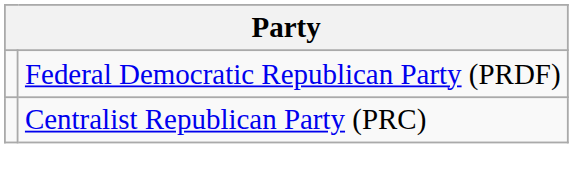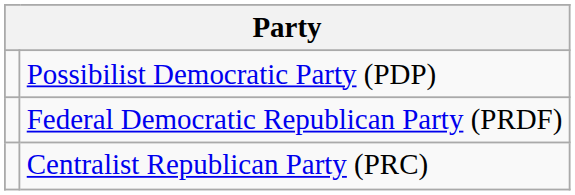 <table class="wikitable" style="text-align:left;">
 <tr>
 <th colspan="2">Party</th>
+</tr>
+<tr>
+<td width="1"></td>
+<td><a href='#'>Possibilist Democratic Party</a> (PDP)</td>
 </tr>
 <tr>
 <td></td>
 <td><a href='#'>Federal Democratic Republican Party</a> (PRDF)</td>
 </tr>
 <tr>
 <td></td>
 <td><a href='#'>Centralist Republican Party</a> (PRC)</td>
 </tr>
 </table>
